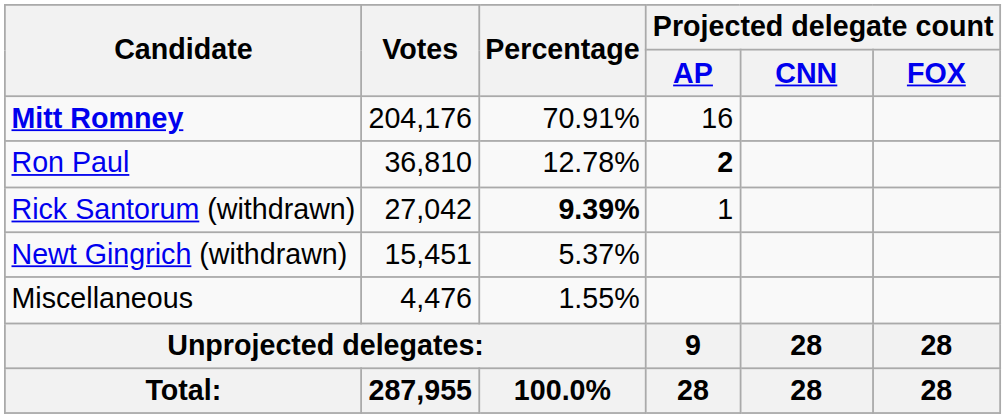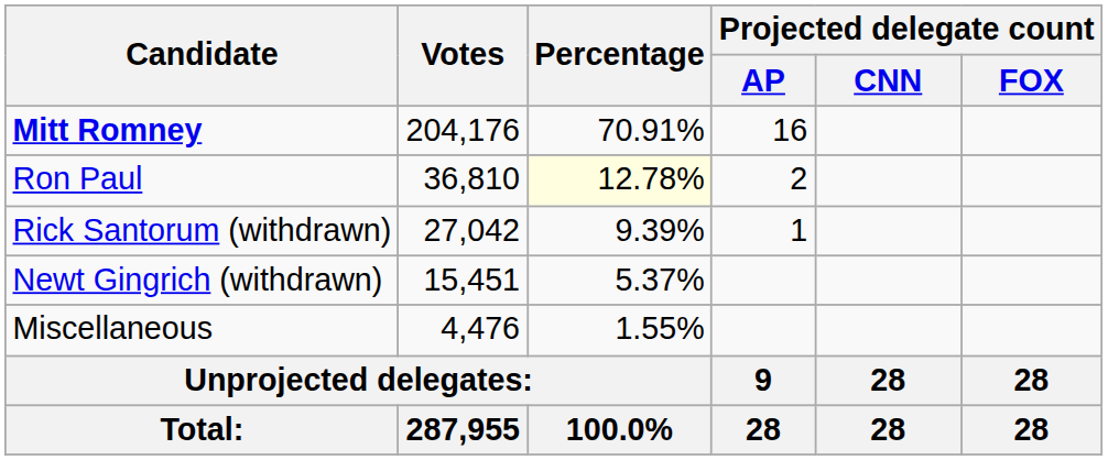 <table class="wikitable" style="text-align:right;">
 <tr>
 <th rowspan="2">Candidate</th>
 <th rowspan="2">Votes</th>
 <th rowspan="2">Percentage</th>
 <th colspan="3">Projected delegate count</th>
 </tr>
 <tr>
 <th><a href='#'>AP</a></th>
 <th><a href='#'>CNN</a><br></th>
 <th><a href='#'>FOX</a><br></th>
 </tr>
 <tr>
 <td style="text-align:left;"> <strong><a href='#'>Mitt Romney</a></strong></td>
 <td>204,176</td>
 <td>70.91%</td>
 <td>16</td>
 <td></td>
 <td></td>
 </tr>
 <tr>
 <td style="text-align:left;"><a href='#'>Ron Paul</a></td>
 <td>36,810</td>
-<td>12.78%</td>
-<td><strong>2</strong></td>
+<td style="background: lightyellow;">12.78%</td>
+<td>2</td>
 <td></td>
 <td></td>
 </tr>
 <tr>
 <td style="text-align:left;"><a href='#'>Rick Santorum</a> (withdrawn)</td>
 <td>27,042</td>
-<td><strong>9.39%</strong></td>
+<td>9.39%</td>
 <td>1</td>
 <td></td>
 <td></td>
 </tr>
 <tr>
 <td style="text-align:left;"><a href='#'>Newt Gingrich</a> (withdrawn)</td>
 <td>15,451</td>
 <td>5.37%</td>
 <td></td>
 <td></td>
 <td></td>
 </tr>
 <tr>
 <td style="text-align:left;">Miscellaneous</td>
 <td>4,476</td>
 <td>1.55%</td>
 <td></td>
 <td></td>
 <td></td>
 </tr>
 <tr style="background:#eee;">
 <th colspan="3">Unprojected delegates:</th>
 <th>9</th>
 <th>28</th>
 <th>28</th>
 </tr>
 <tr style="background:#eee;">
 <th>Total:</th>
 <th>287,955</th>
 <th>100.0%</th>
 <th>28</th>
 <th>28</th>
 <th>28</th>
 </tr>
 </table>
